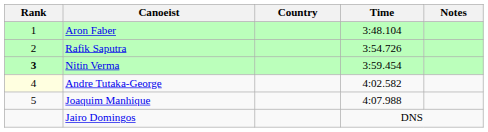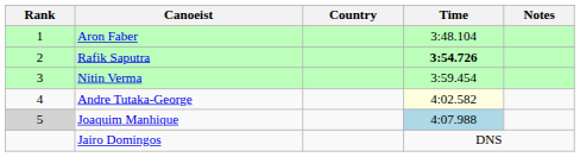 <table class="wikitable" style="text-align:center;width: 55%">
 <tr>
 <th>Rank</th>
 <th>Canoeist</th>
 <th>Country</th>
 <th>Time</th>
 <th>Notes</th>
 </tr>
 <tr bgcolor=bbffbb>
 <td>1</td>
 <td align="left"><a href='#'>Aron Faber</a></td>
 <td align="left"></td>
 <td>3:48.104</td>
 <td></td>
 </tr>
 <tr bgcolor=bbffbb>
 <td>2</td>
 <td align="left"><a href='#'>Rafik Saputra</a></td>
 <td align="left"></td>
-<td>3:54.726</td>
+<td><strong>3:54.726</strong></td>
 <td></td>
 </tr>
 <tr bgcolor=bbffbb>
-<td><strong>3</strong></td>
+<td>3</td>
 <td align="left"><a href='#'>Nitin Verma</a></td>
 <td align="left"></td>
 <td>3:59.454</td>
 <td></td>
 </tr>
 <tr>
-<td style="background: lightyellow;">4</td>
+<td>4</td>
 <td align="left"><a href='#'>Andre Tutaka-George</a></td>
 <td align="left"></td>
-<td>4:02.582</td>
+<td style="background: lightyellow;">4:02.582</td>
 <td></td>
 </tr>
 <tr>
-<td>5</td>
+<td style="background: lightgrey;">5</td>
 <td align="left"><a href='#'>Joaquim Manhique</a></td>
 <td align="left"></td>
-<td>4:07.988</td>
+<td style="background: lightblue;">4:07.988</td>
 <td></td>
 </tr>
 <tr>
 <td></td>
 <td align="left"><a href='#'>Jairo Domingos</a></td>
 <td align="left"></td>
 <td colspan=2>DNS</td>
 </tr>
 </table>
